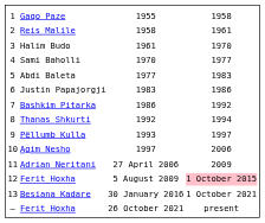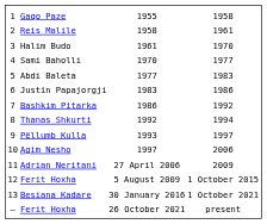 <table cellpadding="0" cellspacing="3" style="border:1px solid #000000; font-size:88%; line-height: 1.5em;">
 <tr>
 <td><strong></strong></td>
 <td><strong></strong></td>
 <td colspan="2"></td>
 </tr>
 <tr>
 <td align="center">1</td>
 <td><a href='#'>Gaqo Paze</a></td>
 <td align="center">1955</td>
 <td align="center">1958</td>
 </tr>
 <tr>
 <td align="center">2</td>
 <td><a href='#'>Reis Malile</a></td>
 <td align="center">1958</td>
 <td align="center">1961</td>
 </tr>
 <tr>
 <td align="center">3</td>
 <td>Halim Budo</td>
 <td align="center">1961</td>
 <td align="center">1970</td>
 </tr>
 <tr>
 <td align="center">4</td>
 <td>Sami Baholli</td>
 <td align="center">1970</td>
 <td align="center">1977</td>
 </tr>
 <tr>
 <td align="center">5</td>
 <td>Abdi Baleta</td>
 <td align="center">1977</td>
 <td align="center">1983</td>
 </tr>
 <tr>
 <td align="center">6</td>
 <td>Justin Papajorgji</td>
 <td align="center">1983</td>
 <td align="center">1986</td>
 </tr>
 <tr>
 <td align="center">7</td>
 <td><a href='#'>Bashkim Pitarka</a></td>
 <td align="center">1986</td>
 <td align="center">1992</td>
 </tr>
 <tr>
 <td align="center">8</td>
 <td><a href='#'>Thanas Shkurti</a></td>
 <td align="center">1992</td>
 <td align="center">1994</td>
 </tr>
 <tr>
 <td align="center">9</td>
 <td><a href='#'>Pëllumb Kulla</a></td>
 <td align="center">1993</td>
 <td align="center">1997</td>
 </tr>
 <tr>
 <td align="center">10</td>
 <td><a href='#'>Agim Nesho</a></td>
 <td align="center">1997</td>
 <td align="center">2006</td>
 </tr>
 <tr>
 <td align="center">11</td>
 <td><a href='#'>Adrian Neritani</a></td>
 <td align="center">27 April 2006</td>
 <td align="center">2009</td>
 </tr>
 <tr>
 <td align="center">12</td>
 <td><a href='#'>Ferit Hoxha</a></td>
 <td align="center">5 August 2009</td>
-<td align="center" style="background: pink;">1 October 2015</td>
+<td align="center">1 October 2015</td>
 </tr>
 <tr>
 <td align="center">13</td>
 <td><a href='#'>Besiana Kadare</a></td>
 <td align="center">30 January 2016</td>
 <td align="center">1 October 2021</td>
 </tr>
 <tr>
 <td align="center">–</td>
 <td><a href='#'>Ferit Hoxha</a></td>
 <td align="center">26 October 2021</td>
 <td align="center">present</td>
 </tr>
 </table>
